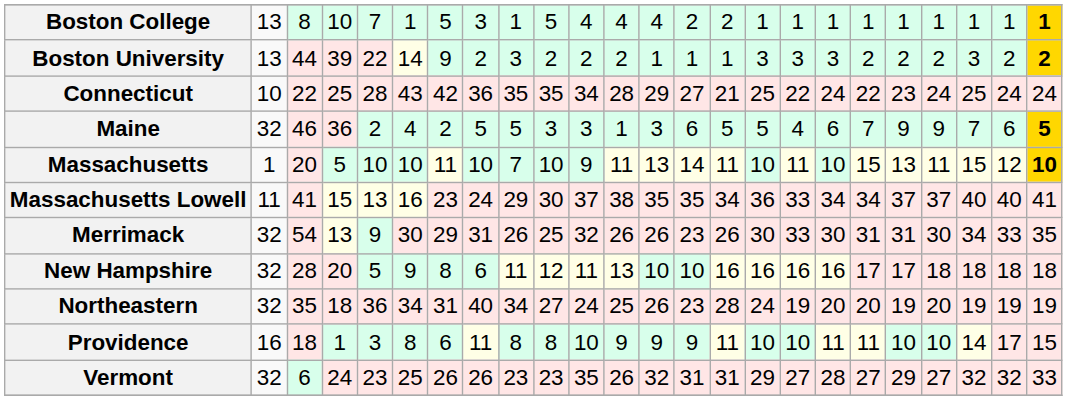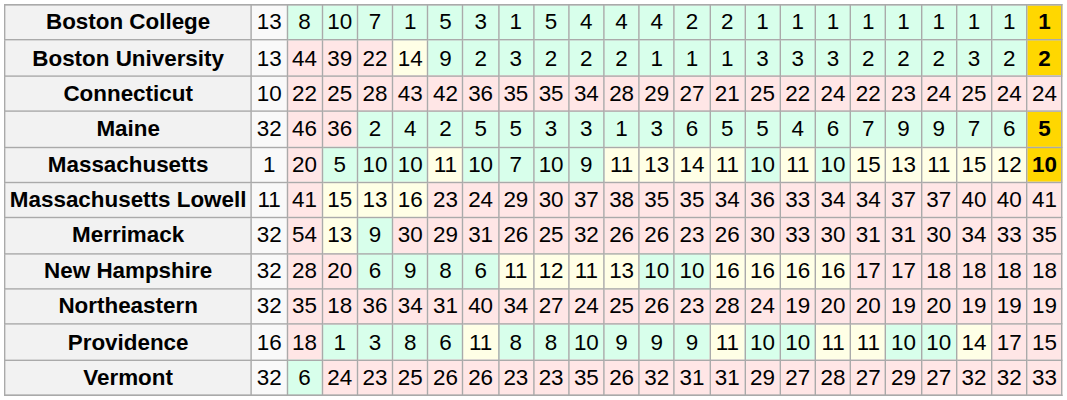 <table class="wikitable sortable" style="text-align: center;">
 <tr>
 </tr>
 <tr>
 <th>Boston College</th>
 <td>13</td>
 <td bgcolor=D8FFEB>8</td>
 <td bgcolor=D8FFEB>10</td>
 <td bgcolor=D8FFEB>7</td>
 <td bgcolor=D8FFEB>1</td>
 <td bgcolor=D8FFEB>5</td>
 <td bgcolor=D8FFEB>3</td>
 <td bgcolor=D8FFEB>1</td>
 <td bgcolor=D8FFEB>5</td>
 <td bgcolor=D8FFEB>4</td>
 <td bgcolor=D8FFEB>4</td>
 <td bgcolor=D8FFEB>4</td>
 <td bgcolor=D8FFEB>2</td>
 <td bgcolor=D8FFEB>2</td>
 <td bgcolor=D8FFEB>1</td>
 <td bgcolor=D8FFEB>1</td>
 <td bgcolor=D8FFEB>1</td>
 <td bgcolor=D8FFEB>1</td>
 <td bgcolor=D8FFEB>1</td>
 <td bgcolor=D8FFEB>1</td>
 <td bgcolor=D8FFEB>1</td>
 <td bgcolor=D8FFEB>1</td>
 <td bgcolor=gold><strong>1</strong></td>
 </tr>
 <tr>
 <th>Boston University</th>
 <td>13</td>
 <td bgcolor=FFE6E6>44</td>
 <td bgcolor=FFE6E6>39</td>
 <td bgcolor=FFE6E6>22</td>
 <td bgcolor=FFFFE6>14</td>
 <td bgcolor=D8FFEB>9</td>
 <td bgcolor=D8FFEB>2</td>
 <td bgcolor=D8FFEB>3</td>
 <td bgcolor=D8FFEB>2</td>
 <td bgcolor=D8FFEB>2</td>
 <td bgcolor=D8FFEB>2</td>
 <td bgcolor=D8FFEB>1</td>
 <td bgcolor=D8FFEB>1</td>
 <td bgcolor=D8FFEB>1</td>
 <td bgcolor=D8FFEB>3</td>
 <td bgcolor=D8FFEB>3</td>
 <td bgcolor=D8FFEB>3</td>
 <td bgcolor=D8FFEB>2</td>
 <td bgcolor=D8FFEB>2</td>
 <td bgcolor=D8FFEB>2</td>
 <td bgcolor=D8FFEB>3</td>
 <td bgcolor=D8FFEB>2</td>
 <td bgcolor=gold><strong>2</strong></td>
 </tr>
 <tr>
 <th>Connecticut</th>
 <td>10</td>
 <td bgcolor=FFE6E6>22</td>
 <td bgcolor=FFE6E6>25</td>
 <td bgcolor=FFE6E6>28</td>
 <td bgcolor=FFE6E6>43</td>
 <td bgcolor=FFE6E6>42</td>
 <td bgcolor=FFE6E6>36</td>
 <td bgcolor=FFE6E6>35</td>
 <td bgcolor=FFE6E6>35</td>
 <td bgcolor=FFE6E6>34</td>
 <td bgcolor=FFE6E6>28</td>
 <td bgcolor=FFE6E6>29</td>
 <td bgcolor=FFE6E6>27</td>
 <td bgcolor=FFE6E6>21</td>
 <td bgcolor=FFE6E6>25</td>
 <td bgcolor=FFE6E6>22</td>
 <td bgcolor=FFE6E6>24</td>
 <td bgcolor=FFE6E6>22</td>
 <td bgcolor=FFE6E6>23</td>
 <td bgcolor=FFE6E6>24</td>
 <td bgcolor=FFE6E6>25</td>
 <td bgcolor=FFE6E6>24</td>
 <td bgcolor=FFE6E6>24</td>
 </tr>
 <tr>
 <th>Maine</th>
 <td>32</td>
 <td bgcolor=FFE6E6>46</td>
 <td bgcolor=FFE6E6>36</td>
 <td bgcolor=D8FFEB>2</td>
 <td bgcolor=D8FFEB>4</td>
 <td bgcolor=D8FFEB>2</td>
 <td bgcolor=D8FFEB>5</td>
 <td bgcolor=D8FFEB>5</td>
 <td bgcolor=D8FFEB>3</td>
 <td bgcolor=D8FFEB>3</td>
 <td bgcolor=D8FFEB>1</td>
 <td bgcolor=D8FFEB>3</td>
 <td bgcolor=D8FFEB>6</td>
 <td bgcolor=D8FFEB>5</td>
 <td bgcolor=D8FFEB>5</td>
 <td bgcolor=D8FFEB>4</td>
 <td bgcolor=D8FFEB>6</td>
 <td bgcolor=D8FFEB>7</td>
 <td bgcolor=D8FFEB>9</td>
 <td bgcolor=D8FFEB>9</td>
 <td bgcolor=D8FFEB>7</td>
 <td bgcolor=D8FFEB>6</td>
 <td bgcolor=gold><strong>5</strong></td>
 </tr>
 <tr>
 <th>Massachusetts</th>
 <td>1</td>
 <td bgcolor=FFE6E6>20</td>
 <td bgcolor=D8FFEB>5</td>
 <td bgcolor=D8FFEB>10</td>
 <td bgcolor=D8FFEB>10</td>
 <td bgcolor=FFFFE6>11</td>
 <td bgcolor=D8FFEB>10</td>
 <td bgcolor=D8FFEB>7</td>
 <td bgcolor=D8FFEB>10</td>
 <td bgcolor=D8FFEB>9</td>
 <td bgcolor=FFFFE6>11</td>
 <td bgcolor=FFFFE6>13</td>
 <td bgcolor=FFFFE6>14</td>
 <td bgcolor=FFFFE6>11</td>
 <td bgcolor=D8FFEB>10</td>
 <td bgcolor=FFFFE6>11</td>
 <td bgcolor=D8FFEB>10</td>
 <td bgcolor=FFFFE6>15</td>
 <td bgcolor=FFFFE6>13</td>
 <td bgcolor=FFFFE6>11</td>
 <td bgcolor=FFFFE6>15</td>
 <td bgcolor=FFFFE6>12</td>
 <td bgcolor=gold><strong>10</strong></td>
 </tr>
 <tr>
 <th>Massachusetts Lowell</th>
 <td>11</td>
 <td bgcolor=FFE6E6>41</td>
 <td bgcolor=FFFFE6>15</td>
 <td bgcolor=FFFFE6>13</td>
 <td bgcolor=FFFFE6>16</td>
 <td bgcolor=FFE6E6>23</td>
 <td bgcolor=FFE6E6>24</td>
 <td bgcolor=FFE6E6>29</td>
 <td bgcolor=FFE6E6>30</td>
 <td bgcolor=FFE6E6>37</td>
 <td bgcolor=FFE6E6>38</td>
 <td bgcolor=FFE6E6>35</td>
 <td bgcolor=FFE6E6>35</td>
 <td bgcolor=FFE6E6>34</td>
 <td bgcolor=FFE6E6>36</td>
 <td bgcolor=FFE6E6>33</td>
 <td bgcolor=FFE6E6>34</td>
 <td bgcolor=FFE6E6>34</td>
 <td bgcolor=FFE6E6>37</td>
 <td bgcolor=FFE6E6>37</td>
 <td bgcolor=FFE6E6>40</td>
 <td bgcolor=FFE6E6>40</td>
 <td bgcolor=FFE6E6>41</td>
 </tr>
 <tr>
 <th>Merrimack</th>
 <td>32</td>
 <td bgcolor=FFE6E6>54</td>
 <td bgcolor=FFFFE6>13</td>
 <td bgcolor=D8FFEB>9</td>
 <td bgcolor=FFE6E6>30</td>
 <td bgcolor=FFE6E6>29</td>
 <td bgcolor=FFE6E6>31</td>
 <td bgcolor=FFE6E6>26</td>
 <td bgcolor=FFE6E6>25</td>
 <td bgcolor=FFE6E6>32</td>
 <td bgcolor=FFE6E6>26</td>
 <td bgcolor=FFE6E6>26</td>
 <td bgcolor=FFE6E6>23</td>
 <td bgcolor=FFE6E6>26</td>
 <td bgcolor=FFE6E6>30</td>
 <td bgcolor=FFE6E6>33</td>
 <td bgcolor=FFE6E6>30</td>
 <td bgcolor=FFE6E6>31</td>
 <td bgcolor=FFE6E6>31</td>
 <td bgcolor=FFE6E6>30</td>
 <td bgcolor=FFE6E6>34</td>
 <td bgcolor=FFE6E6>33</td>
 <td bgcolor=FFE6E6>35</td>
 </tr>
 <tr>
 <th>New Hampshire</th>
 <td>32</td>
 <td bgcolor=FFE6E6>28</td>
 <td bgcolor=FFE6E6>20</td>
-<td bgcolor=D8FFEB>5</td>
+<td bgcolor=D8FFEB>6</td>
 <td bgcolor=D8FFEB>9</td>
 <td bgcolor=D8FFEB>8</td>
 <td bgcolor=D8FFEB>6</td>
 <td bgcolor=FFFFE6>11</td>
 <td bgcolor=FFFFE6>12</td>
 <td bgcolor=FFFFE6>11</td>
 <td bgcolor=FFFFE6>13</td>
 <td bgcolor=D8FFEB>10</td>
 <td bgcolor=D8FFEB>10</td>
 <td bgcolor=FFFFE6>16</td>
 <td bgcolor=FFFFE6>16</td>
 <td bgcolor=FFFFE6>16</td>
 <td bgcolor=FFFFE6>16</td>
 <td bgcolor=FFE6E6>17</td>
 <td bgcolor=FFE6E6>17</td>
 <td bgcolor=FFE6E6>18</td>
 <td bgcolor=FFE6E6>18</td>
 <td bgcolor=FFE6E6>18</td>
 <td bgcolor=FFE6E6>18</td>
 </tr>
 <tr>
 <th>Northeastern</th>
 <td>32</td>
 <td bgcolor=FFE6E6>35</td>
 <td bgcolor=FFE6E6>18</td>
 <td bgcolor=FFE6E6>36</td>
 <td bgcolor=FFE6E6>34</td>
 <td bgcolor=FFE6E6>31</td>
 <td bgcolor=FFE6E6>40</td>
 <td bgcolor=FFE6E6>34</td>
 <td bgcolor=FFE6E6>27</td>
 <td bgcolor=FFE6E6>24</td>
 <td bgcolor=FFE6E6>25</td>
 <td bgcolor=FFE6E6>26</td>
 <td bgcolor=FFE6E6>23</td>
 <td bgcolor=FFE6E6>28</td>
 <td bgcolor=FFE6E6>24</td>
 <td bgcolor=FFE6E6>19</td>
 <td bgcolor=FFE6E6>20</td>
 <td bgcolor=FFE6E6>20</td>
 <td bgcolor=FFE6E6>19</td>
 <td bgcolor=FFE6E6>20</td>
 <td bgcolor=FFE6E6>19</td>
 <td bgcolor=FFE6E6>19</td>
 <td bgcolor=FFE6E6>19</td>
 </tr>
 <tr>
 <th>Providence</th>
 <td>16</td>
 <td bgcolor=FFE6E6>18</td>
 <td bgcolor=D8FFEB>1</td>
 <td bgcolor=D8FFEB>3</td>
 <td bgcolor=D8FFEB>8</td>
 <td bgcolor=D8FFEB>6</td>
 <td bgcolor=FFFFE6>11</td>
 <td bgcolor=D8FFEB>8</td>
 <td bgcolor=D8FFEB>8</td>
 <td bgcolor=D8FFEB>10</td>
 <td bgcolor=D8FFEB>9</td>
 <td bgcolor=D8FFEB>9</td>
 <td bgcolor=D8FFEB>9</td>
 <td bgcolor=FFFFE6>11</td>
 <td bgcolor=D8FFEB>10</td>
 <td bgcolor=D8FFEB>10</td>
 <td bgcolor=FFFFE6>11</td>
 <td bgcolor=FFFFE6>11</td>
 <td bgcolor=D8FFEB>10</td>
 <td bgcolor=D8FFEB>10</td>
 <td bgcolor=FFFFE6>14</td>
 <td bgcolor=FFE6E6>17</td>
 <td bgcolor=FFE6E6>15</td>
 </tr>
 <tr>
 <th>Vermont</th>
 <td>32</td>
 <td bgcolor=D8FFEB>6</td>
 <td bgcolor=FFE6E6>24</td>
 <td bgcolor=FFE6E6>23</td>
 <td bgcolor=FFE6E6>25</td>
 <td bgcolor=FFE6E6>26</td>
 <td bgcolor=FFE6E6>26</td>
 <td bgcolor=FFE6E6>23</td>
 <td bgcolor=FFE6E6>23</td>
 <td bgcolor=FFE6E6>35</td>
 <td bgcolor=FFE6E6>26</td>
 <td bgcolor=FFE6E6>32</td>
 <td bgcolor=FFE6E6>31</td>
 <td bgcolor=FFE6E6>31</td>
 <td bgcolor=FFE6E6>29</td>
 <td bgcolor=FFE6E6>27</td>
 <td bgcolor=FFE6E6>28</td>
 <td bgcolor=FFE6E6>27</td>
 <td bgcolor=FFE6E6>29</td>
 <td bgcolor=FFE6E6>27</td>
 <td bgcolor=FFE6E6>32</td>
 <td bgcolor=FFE6E6>32</td>
 <td bgcolor=FFE6E6>33</td>
 </tr>
 <tr>
 </tr>
 </table>
